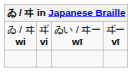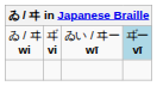 <table class="wikitable nowrap" style="text-align:center">
 <tr>
 <th colspan=4>ゐ / ヰ in <a href='#'>Japanese Braille</a></th>
 </tr>
 <tr>
 <td>ゐ / ヰ <br><strong>wi</strong></td>
 <td>ヸ <br><strong>vi</strong></td>
 <td>ゐい / ヰー <br><strong>wī</strong></td>
-<td>ヸー <br><strong>vī</strong></td>
+<td style="background: lightblue;">ヸー <br><strong>vī</strong></td>
 </tr>
 <tr>
 <td>　</td>
 <td></td>
 <td></td>
 <td></td>
 </tr>
 </table>
